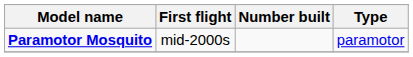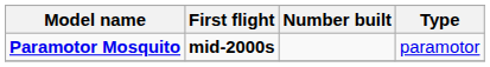 <table class="wikitable" align=center style="font-size:90%;">
 <tr>
 </tr>
 <tr style="background:#efefef;">
 <th>Model name</th>
 <th>First flight</th>
 <th>Number built</th>
 <th>Type</th>
 </tr>
 <tr>
 <td align=left><strong><a href='#'>Paramotor Mosquito</a></strong></td>
-<td align=center>mid-2000s</td>
+<td align=center><strong>mid-2000s</strong></td>
 <td align=center></td>
 <td align=left><a href='#'>paramotor</a></td>
 </tr>
 <tr>
 </tr>
 </table>
